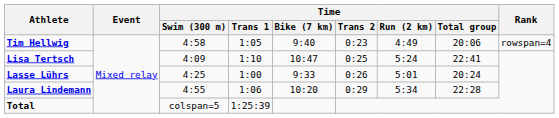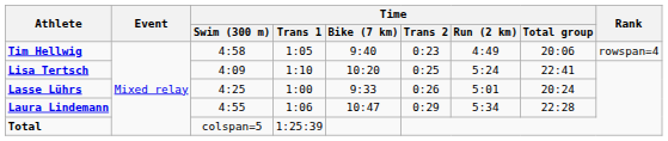 <table class="wikitable" style="font-size:90%;text-align:center;">
 <tr>
 <th rowspan=2>Athlete</th>
 <th rowspan=2>Event</th>
 <th colspan=6>Time</th>
 <th rowspan=2>Rank</th>
 </tr>
 <tr style="font-size:95%">
 <th>Swim (300 m)</th>
 <th>Trans 1</th>
 <th>Bike (7 km)</th>
 <th>Trans 2</th>
 <th>Run (2 km)</th>
 <th>Total group</th>
 </tr>
 <tr>
 <td align=left><strong><a href='#'>Tim Hellwig</a></strong></td>
 <td align=left rowspan=5><a href='#'>Mixed relay</a></td>
 <td>4:58</td>
 <td>1:05</td>
 <td>9:40</td>
 <td>0:23</td>
 <td>4:49</td>
 <td>20:06</td>
 <td>rowspan=4 </td>
 </tr>
 <tr>
 <td align=left><strong><a href='#'>Lisa Tertsch</a></strong></td>
 <td>4:09</td>
 <td>1:10</td>
-<td>10:47</td>
+<td>10:20</td>
 <td>0:25</td>
 <td>5:24</td>
 <td>22:41</td>
 </tr>
 <tr>
 <td align=left><strong><a href='#'>Lasse Lührs</a></strong></td>
 <td>4:25</td>
 <td>1:00</td>
 <td>9:33</td>
 <td>0:26</td>
 <td>5:01</td>
 <td>20:24</td>
 </tr>
 <tr>
 <td align=left><strong><a href='#'>Laura Lindemann</a></strong></td>
 <td>4:55</td>
 <td>1:06</td>
-<td>10:20</td>
+<td>10:47</td>
 <td>0:29</td>
 <td>5:34</td>
 <td>22:28</td>
 </tr>
 <tr align=center>
 <td align=left><strong>Total</strong></td>
 <td>colspan=5 </td>
 <td>1:25:39</td>
 <td></td>
 </tr>
 </table>
